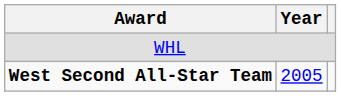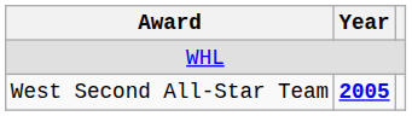 <table class="wikitable">
 <tr>
 <th>Award</th>
 <th>Year</th>
 <th></th>
 </tr>
 <tr ALIGN="center" bgcolor="#e0e0e0">
 <td colspan="3"><a href='#'>WHL</a></td>
 </tr>
 <tr>
-<td><strong>West Second All-Star Team</strong></td>
-<td><a href='#'>2005</a></td>
+<td>West Second All-Star Team</td>
+<td><strong><a href='#'>2005</a></strong></td>
 <td></td>
 </tr>
 </table>
